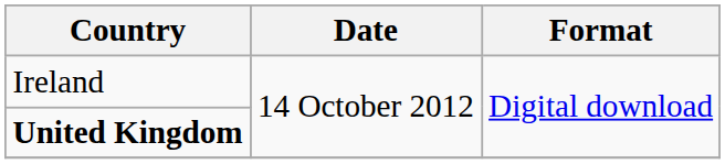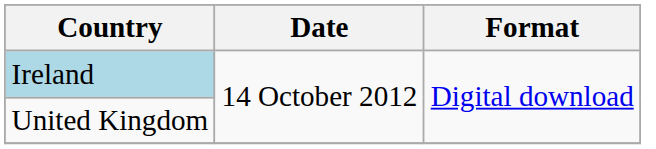 <table class="wikitable plainrowheaders">
 <tr>
 <th scope="col">Country</th>
 <th scope="col">Date</th>
 <th scope="col">Format</th>
 </tr>
 <tr>
-<td>Ireland</td>
+<td style="background: lightblue;">Ireland</td>
 <td rowspan="2">14 October 2012</td>
 <td rowspan="2"><a href='#'>Digital download</a></td>
 </tr>
 <tr>
-<td><strong>United Kingdom</strong></td>
+<td>United Kingdom</td>
 </tr>
 <tr>
 </tr>
 </table>
